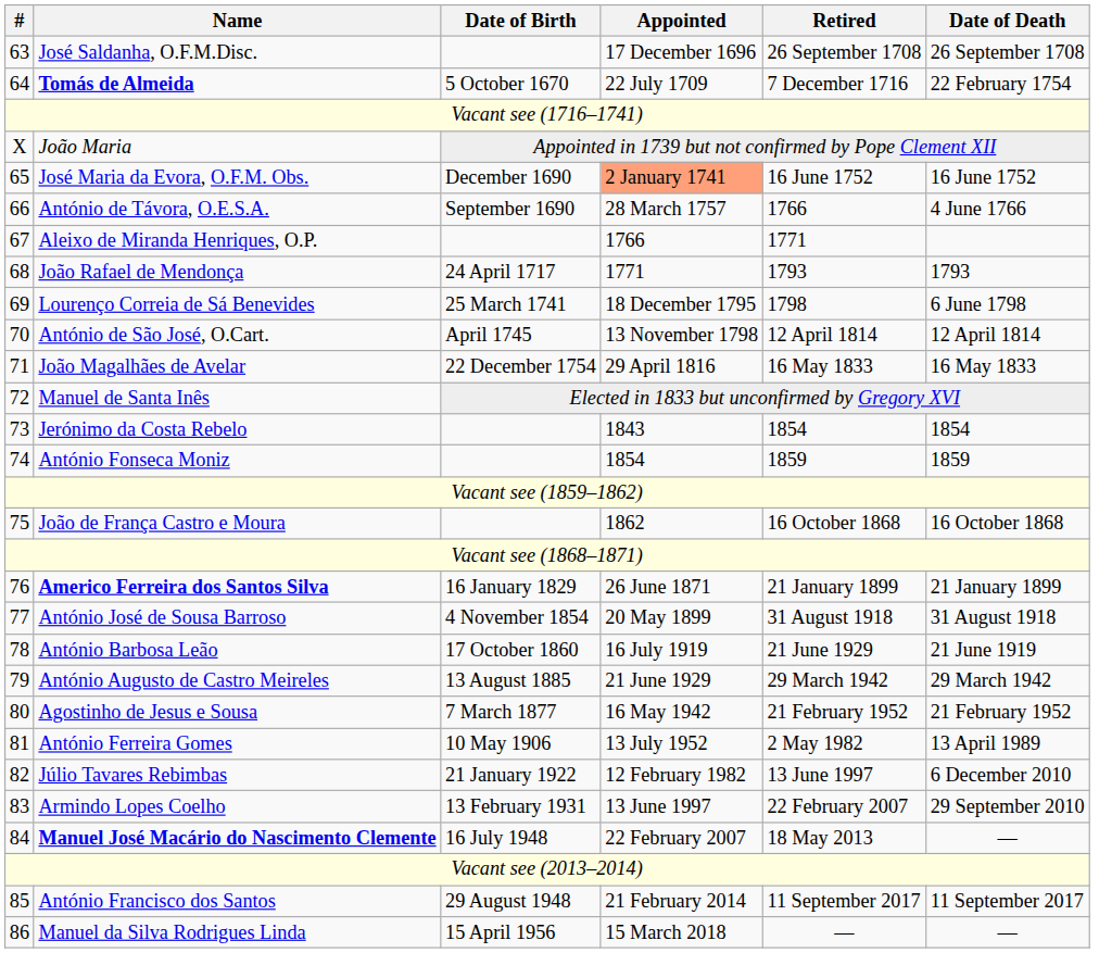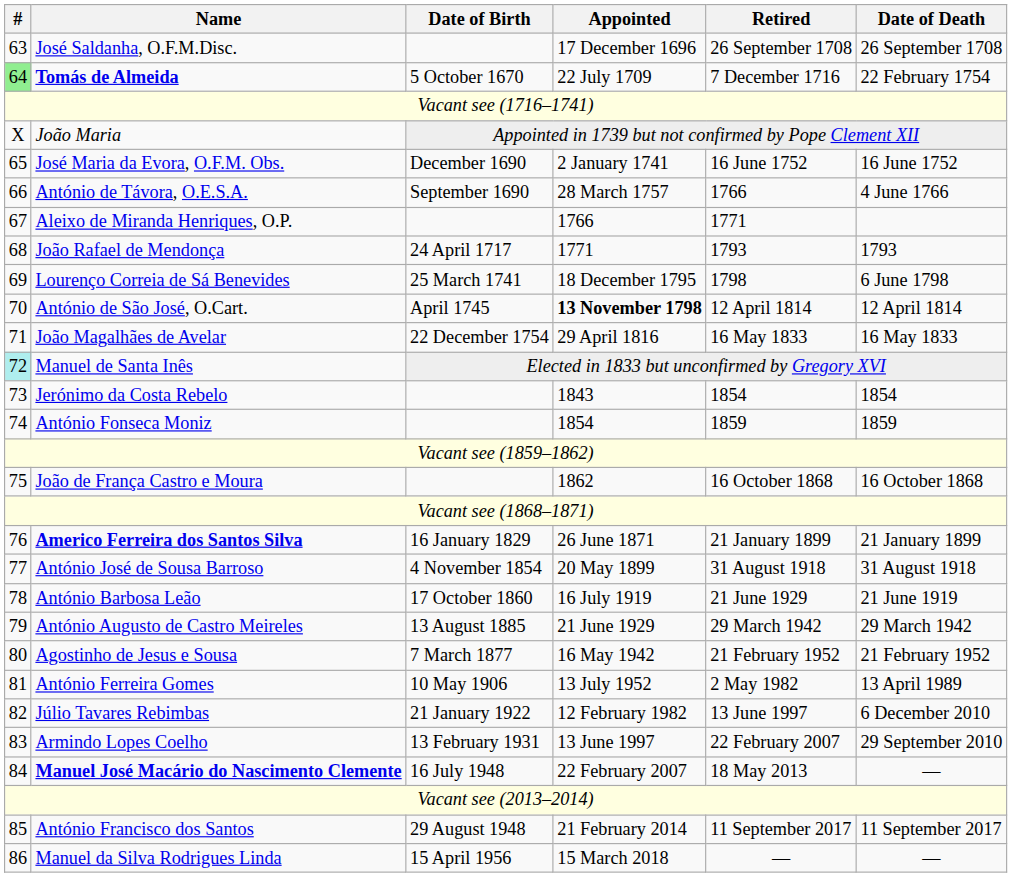 <table class="wikitable sortable">
 <tr>
 <th>#</th>
 <th>Name</th>
 <th>Date of Birth</th>
 <th>Appointed</th>
 <th>Retired</th>
 <th>Date of Death</th>
 </tr>
 <tr>
 <td>63</td>
 <td><a href='#'>José Saldanha</a>, O.F.M.Disc.</td>
 <td> </td>
 <td>17 December 1696</td>
 <td>26 September 1708</td>
 <td>26 September 1708</td>
 </tr>
 <tr>
-<td>64</td>
+<td style="background: lightgreen;">64</td>
 <td><strong><a href='#'>Tomás de Almeida</a></strong></td>
 <td>5 October 1670</td>
 <td>22 July 1709</td>
 <td>7 December 1716</td>
 <td>22 February 1754</td>
 </tr>
 <tr>
 <td colspan=6 align=center bgcolor=#FFFFE0><em>Vacant see (1716–1741)</em></td>
 </tr>
 <tr>
 <td style="text-align:center;">X</td>
 <td><em>João Maria</em></td>
 <td bgcolor=#eee colspan=4 align=center><em>Appointed in 1739 but not confirmed by Pope <a href='#'>Clement XII</a></em></td>
 </tr>
 <tr>
 <td>65</td>
 <td><a href='#'>José Maria da Evora</a>, <a href='#'>O.F.M. Obs.</a></td>
 <td>December 1690</td>
-<td style="background: lightsalmon;">2 January 1741</td>
+<td>2 January 1741</td>
 <td>16 June 1752</td>
 <td>16 June 1752 </td>
 </tr>
 <tr>
 <td>66</td>
 <td><a href='#'>António de Távora</a>, <a href='#'>O.E.S.A.</a></td>
 <td>September 1690</td>
 <td>28 March 1757</td>
 <td>1766</td>
 <td>4 June 1766</td>
 </tr>
 <tr>
 <td>67</td>
 <td><a href='#'>Aleixo de Miranda Henriques</a>, O.P.</td>
 <td> </td>
 <td>1766</td>
 <td>1771</td>
 <td> </td>
 </tr>
 <tr>
 <td>68</td>
 <td><a href='#'>João Rafael de Mendonça</a></td>
 <td>24 April 1717</td>
 <td>1771</td>
 <td>1793</td>
 <td>1793</td>
 </tr>
 <tr>
 <td>69</td>
 <td><a href='#'>Lourenço Correia de Sá Benevides</a></td>
 <td>25 March 1741</td>
 <td>18 December 1795</td>
 <td>1798</td>
 <td>6 June 1798</td>
 </tr>
 <tr>
 <td>70</td>
 <td><a href='#'>António de São José</a>, O.Cart.</td>
 <td>April 1745</td>
-<td>13 November 1798</td>
+<td><strong>13 November 1798</strong></td>
 <td>12 April 1814</td>
 <td>12 April 1814</td>
 </tr>
 <tr>
 <td>71</td>
 <td><a href='#'>João Magalhães de Avelar</a></td>
 <td>22 December 1754</td>
 <td>29 April 1816</td>
 <td>16 May 1833</td>
 <td>16 May 1833</td>
 </tr>
 <tr>
-<td>72</td>
+<td style="background: paleturquoise;">72</td>
 <td><a href='#'>Manuel de Santa Inês</a></td>
 <td bgcolor=#eee colspan=4 align=center><em>Elected in 1833 but unconfirmed by <a href='#'>Gregory XVI</a></em></td>
 </tr>
 <tr>
 <td>73</td>
 <td><a href='#'>Jerónimo da Costa Rebelo</a></td>
 <td> </td>
 <td>1843</td>
 <td>1854</td>
 <td>1854</td>
 </tr>
 <tr>
 <td>74</td>
 <td><a href='#'>António Fonseca Moniz</a></td>
 <td> </td>
 <td>1854</td>
 <td>1859</td>
 <td>1859</td>
 </tr>
 <tr>
 <td colspan=6 align=center bgcolor=#FFFFE0><em>Vacant see (1859–1862)</em></td>
 </tr>
 <tr>
 <td>75</td>
 <td><a href='#'>João de França Castro e Moura</a></td>
 <td> </td>
 <td>1862</td>
 <td>16 October 1868</td>
 <td>16 October 1868</td>
 </tr>
 <tr>
 <td colspan=6 align=center bgcolor=#FFFFE0><em>Vacant see (1868–1871)</em></td>
 </tr>
 <tr>
 <td>76</td>
 <td><strong><a href='#'>Americo Ferreira dos Santos Silva</a></strong></td>
 <td>16 January 1829</td>
 <td>26 June 1871</td>
 <td>21 January 1899</td>
 <td>21 January 1899</td>
 </tr>
 <tr>
 <td>77</td>
 <td><a href='#'>António José de Sousa Barroso</a></td>
 <td>4 November 1854</td>
 <td>20 May 1899</td>
 <td>31 August 1918</td>
 <td>31 August 1918</td>
 </tr>
 <tr>
 <td>78</td>
 <td><a href='#'>António Barbosa Leão</a></td>
 <td>17 October 1860</td>
 <td>16 July 1919</td>
 <td>21 June 1929</td>
 <td>21 June 1919</td>
 </tr>
 <tr>
 <td>79</td>
 <td><a href='#'>António Augusto de Castro Meireles</a></td>
 <td>13 August 1885</td>
 <td>21 June 1929</td>
 <td>29 March 1942</td>
 <td>29 March 1942</td>
 </tr>
 <tr>
 <td>80</td>
 <td><a href='#'>Agostinho de Jesus e Sousa</a></td>
 <td>7 March 1877</td>
 <td>16 May 1942</td>
 <td>21 February 1952</td>
 <td>21 February 1952</td>
 </tr>
 <tr>
 <td>81</td>
 <td><a href='#'>António Ferreira Gomes</a></td>
 <td>10 May 1906</td>
 <td>13 July 1952</td>
 <td>2 May 1982</td>
 <td>13 April 1989</td>
 </tr>
 <tr>
 <td>82</td>
 <td><a href='#'>Júlio Tavares Rebimbas</a></td>
 <td>21 January 1922</td>
 <td>12 February 1982</td>
 <td>13 June 1997</td>
 <td>6 December 2010</td>
 </tr>
 <tr>
 <td>83</td>
 <td><a href='#'>Armindo Lopes Coelho</a></td>
 <td>13 February 1931</td>
 <td>13 June 1997</td>
 <td>22 February 2007</td>
 <td>29 September 2010</td>
 </tr>
 <tr>
 <td>84</td>
 <td><strong><a href='#'>Manuel José Macário do Nascimento Clemente</a></strong></td>
 <td>16 July 1948</td>
 <td>22 February 2007</td>
 <td>18 May 2013</td>
 <td style="text-align:center;">—</td>
 </tr>
 <tr>
 <td colspan=6 align=center bgcolor=#FFFFE0><em>Vacant see (2013–2014)</em></td>
 </tr>
 <tr>
 <td>85</td>
 <td><a href='#'>António Francisco dos Santos</a></td>
 <td>29 August 1948</td>
 <td>21 February 2014</td>
 <td>11 September 2017</td>
 <td>11 September 2017</td>
 </tr>
 <tr>
 <td>86</td>
 <td><a href='#'>Manuel da Silva Rodrigues Linda</a></td>
 <td>15 April 1956</td>
 <td>15 March 2018</td>
 <td style="text-align:center;">—</td>
 <td style="text-align:center;">—</td>
 </tr>
 </table>
